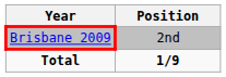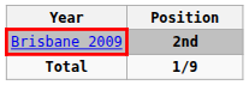 <table class="wikitable" style="text-align: center;">
 <tr>
 <th>Year</th>
 <th width="100">Position</th>
 </tr>
 <tr bgcolor=silver>
 <td style="border: 3px solid red"><a href='#'>Brisbane 2009</a></td>
-<td>2nd</td>
+<td><strong>2nd</strong></td>
 </tr>
 <tr>
 <td><strong>Total</strong></td>
 <td><strong>1/9</strong></td>
 </tr>
 </table>
